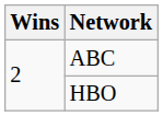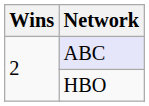 <table class="wikitable">
 <tr>
 <th>Wins</th>
 <th>Network</th>
 </tr>
 <tr>
 <td rowspan="2">2</td>
-<td>ABC</td>
+<td style="background: lavender;">ABC</td>
 </tr>
 <tr>
 <td>HBO</td>
 </tr>
 </table>
